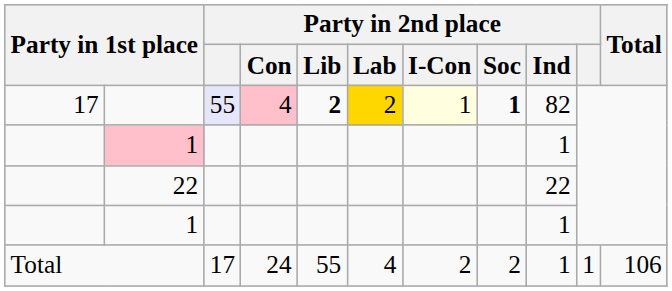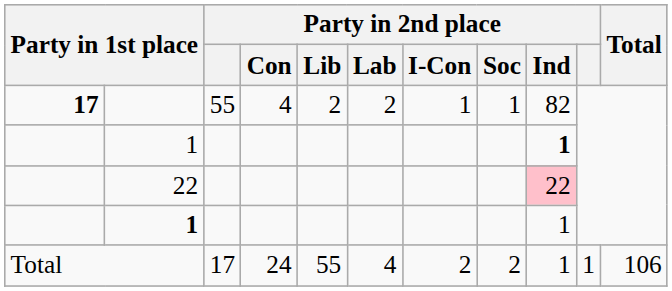 <table class="wikitable" style="text-align:right;">
 <tr>
 <th rowspan="2" colspan="2" style="text-align:left;">Party in 1st place</th>
 <th colspan="8">Party in 2nd place</th>
 <th rowspan="2">Total</th>
 </tr>
 <tr>
 <th></th>
 <th>Con</th>
 <th>Lib</th>
 <th>Lab</th>
 <th>I-Con</th>
 <th>Soc</th>
 <th>Ind</th>
 <th></th>
 </tr>
 <tr>
-<td>17</td>
+<td><strong>17</strong></td>
 <td></td>
-<td style="background: lavender;">55</td>
-<td style="background: pink;">4</td>
-<td><strong>2</strong></td>
-<td style="background: gold;">2</td>
-<td style="background: lightyellow;">1</td>
-<td><strong>1</strong></td>
+<td>55</td>
+<td>4</td>
+<td>2</td>
+<td>2</td>
+<td>1</td>
+<td>1</td>
 <td>82</td>
 </tr>
 <tr>
 <td></td>
-<td style="background: pink;">1</td>
+<td>1</td>
 <td></td>
 <td></td>
 <td></td>
 <td></td>
 <td></td>
 <td></td>
-<td>1</td>
+<td><strong>1</strong></td>
 </tr>
 <tr>
 <td></td>
 <td>22</td>
 <td></td>
 <td></td>
 <td></td>
 <td></td>
 <td></td>
 <td></td>
-<td>22</td>
+<td style="background: pink;">22</td>
 </tr>
 <tr>
 <td></td>
-<td>1</td>
+<td><strong>1</strong></td>
 <td></td>
 <td></td>
 <td></td>
 <td></td>
 <td></td>
 <td></td>
 <td>1</td>
 </tr>
 <tr>
 <td colspan="2" style="text-align:left;">Total</td>
 <td>17</td>
 <td>24</td>
 <td>55</td>
 <td>4</td>
 <td>2</td>
 <td>2</td>
 <td>1</td>
 <td>1</td>
 <td>106</td>
 </tr>
 </table>
